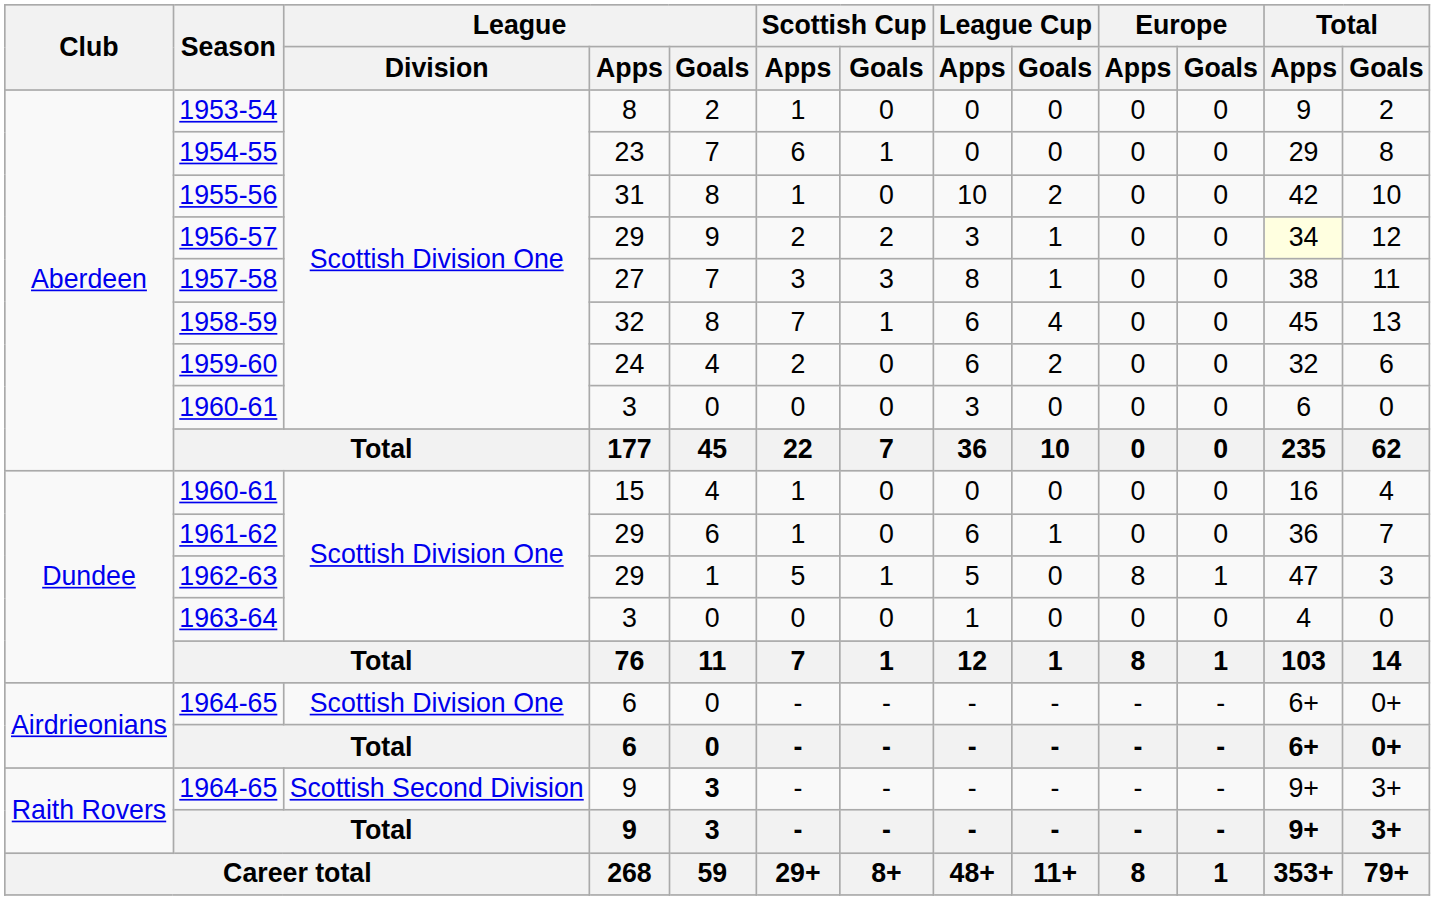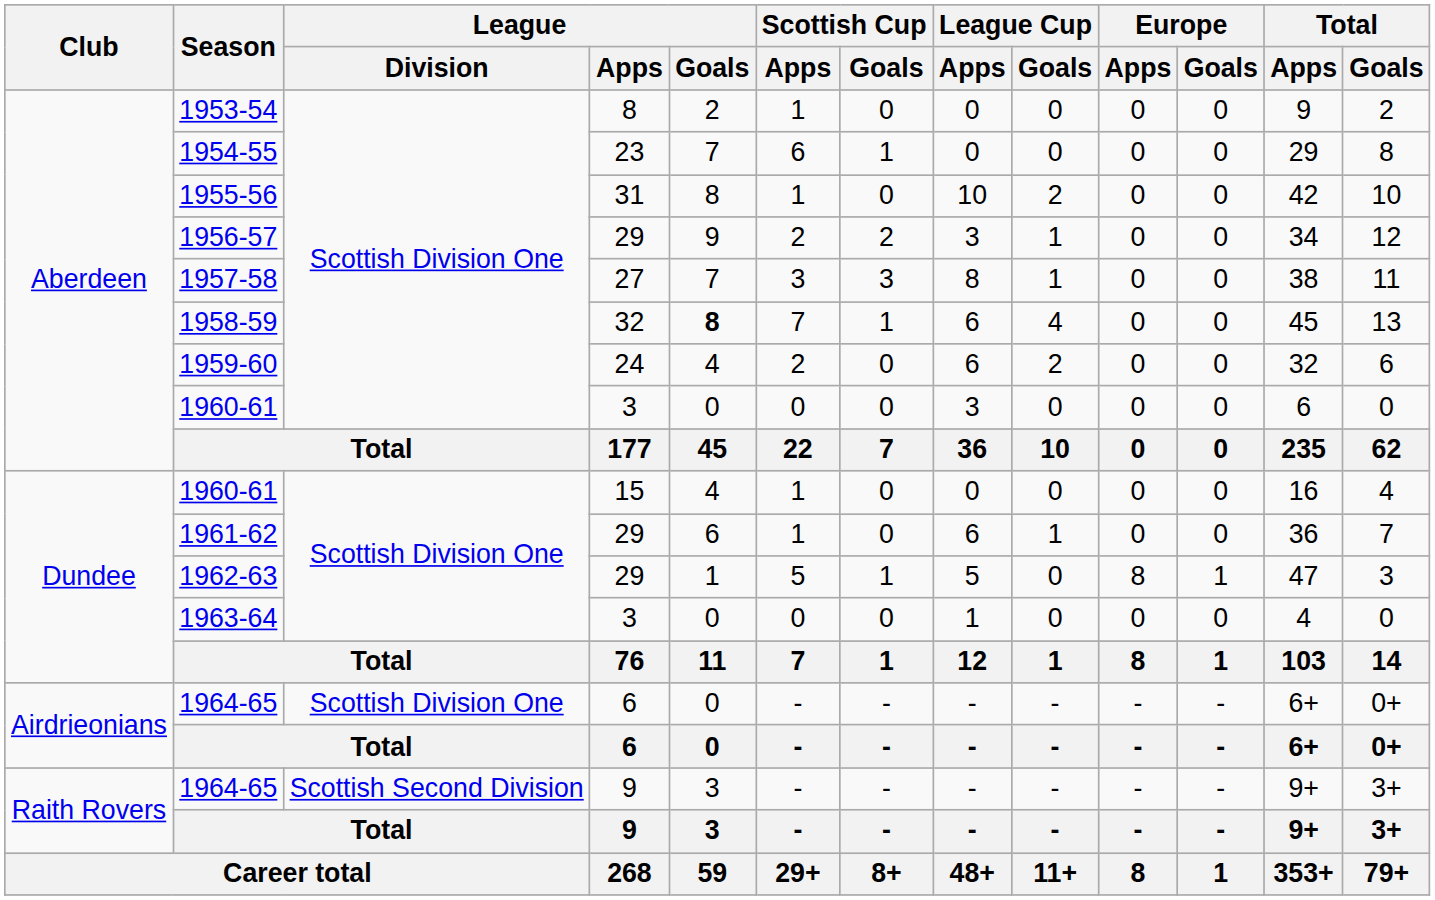 <table class="wikitable" style="text-align:center">
 <tr>
 <th rowspan="2">Club</th>
 <th rowspan="2">Season</th>
 <th colspan="3">League</th>
 <th colspan="2">Scottish Cup</th>
 <th colspan="2">League Cup</th>
 <th colspan="2">Europe</th>
 <th colspan="2">Total</th>
 </tr>
 <tr>
 <th>Division</th>
 <th>Apps</th>
 <th>Goals</th>
 <th>Apps</th>
 <th>Goals</th>
 <th>Apps</th>
 <th>Goals</th>
 <th>Apps</th>
 <th>Goals</th>
 <th>Apps</th>
 <th>Goals</th>
 </tr>
 <tr>
 <td rowspan="9"><a href='#'>Aberdeen</a></td>
 <td><a href='#'>1953-54</a></td>
 <td rowspan="8"><a href='#'>Scottish Division One</a></td>
 <td>8</td>
 <td>2</td>
 <td>1</td>
 <td>0</td>
 <td>0</td>
 <td>0</td>
 <td>0</td>
 <td>0</td>
 <td>9</td>
 <td>2</td>
 </tr>
 <tr>
 <td><a href='#'>1954-55</a></td>
 <td>23</td>
 <td>7</td>
 <td>6</td>
 <td>1</td>
 <td>0</td>
 <td>0</td>
 <td>0</td>
 <td>0</td>
 <td>29</td>
 <td>8</td>
 </tr>
 <tr>
 <td><a href='#'>1955-56</a></td>
 <td>31</td>
 <td>8</td>
 <td>1</td>
 <td>0</td>
 <td>10</td>
 <td>2</td>
 <td>0</td>
 <td>0</td>
 <td>42</td>
 <td>10</td>
 </tr>
 <tr>
 <td><a href='#'>1956-57</a></td>
 <td>29</td>
 <td>9</td>
 <td>2</td>
 <td>2</td>
 <td>3</td>
 <td>1</td>
 <td>0</td>
 <td>0</td>
-<td style="background: lightyellow;">34</td>
+<td>34</td>
 <td>12</td>
 </tr>
 <tr>
 <td><a href='#'>1957-58</a></td>
 <td>27</td>
 <td>7</td>
 <td>3</td>
 <td>3</td>
 <td>8</td>
 <td>1</td>
 <td>0</td>
 <td>0</td>
 <td>38</td>
 <td>11</td>
 </tr>
 <tr>
 <td><a href='#'>1958-59</a></td>
 <td>32</td>
-<td>8</td>
+<td><strong>8</strong></td>
 <td>7</td>
 <td>1</td>
 <td>6</td>
 <td>4</td>
 <td>0</td>
 <td>0</td>
 <td>45</td>
 <td>13</td>
 </tr>
 <tr>
 <td><a href='#'>1959-60</a></td>
 <td>24</td>
 <td>4</td>
 <td>2</td>
 <td>0</td>
 <td>6</td>
 <td>2</td>
 <td>0</td>
 <td>0</td>
 <td>32</td>
 <td>6</td>
 </tr>
 <tr>
 <td><a href='#'>1960-61</a></td>
 <td>3</td>
 <td>0</td>
 <td>0</td>
 <td>0</td>
 <td>3</td>
 <td>0</td>
 <td>0</td>
 <td>0</td>
 <td>6</td>
 <td>0</td>
 </tr>
 <tr>
 <th colspan="2">Total</th>
 <th>177</th>
 <th>45</th>
 <th>22</th>
 <th>7</th>
 <th>36</th>
 <th>10</th>
 <th>0</th>
 <th>0</th>
 <th>235</th>
 <th>62</th>
 </tr>
 <tr>
 <td rowspan="5"><a href='#'>Dundee</a></td>
 <td><a href='#'>1960-61</a></td>
 <td rowspan="4"><a href='#'>Scottish Division One</a></td>
 <td>15</td>
 <td>4</td>
 <td>1</td>
 <td>0</td>
 <td>0</td>
 <td>0</td>
 <td>0</td>
 <td>0</td>
 <td>16</td>
 <td>4</td>
 </tr>
 <tr>
 <td><a href='#'>1961-62</a></td>
 <td>29</td>
 <td>6</td>
 <td>1</td>
 <td>0</td>
 <td>6</td>
 <td>1</td>
 <td>0</td>
 <td>0</td>
 <td>36</td>
 <td>7</td>
 </tr>
 <tr>
 <td><a href='#'>1962-63</a></td>
 <td>29</td>
 <td>1</td>
 <td>5</td>
 <td>1</td>
 <td>5</td>
 <td>0</td>
 <td>8</td>
 <td>1</td>
 <td>47</td>
 <td>3</td>
 </tr>
 <tr>
 <td><a href='#'>1963-64</a></td>
 <td>3</td>
 <td>0</td>
 <td>0</td>
 <td>0</td>
 <td>1</td>
 <td>0</td>
 <td>0</td>
 <td>0</td>
 <td>4</td>
 <td>0</td>
 </tr>
 <tr>
 <th colspan="2">Total</th>
 <th>76</th>
 <th>11</th>
 <th>7</th>
 <th>1</th>
 <th>12</th>
 <th>1</th>
 <th>8</th>
 <th>1</th>
 <th>103</th>
 <th>14</th>
 </tr>
 <tr>
 <td rowspan="2"><a href='#'>Airdrieonians</a></td>
 <td><a href='#'>1964-65</a></td>
 <td><a href='#'>Scottish Division One</a></td>
 <td>6</td>
 <td>0</td>
 <td>-</td>
 <td>-</td>
 <td>-</td>
 <td>-</td>
 <td>-</td>
 <td>-</td>
 <td>6+</td>
 <td>0+</td>
 </tr>
 <tr>
 <th colspan="2">Total</th>
 <th>6</th>
 <th>0</th>
 <th>-</th>
 <th>-</th>
 <th>-</th>
 <th>-</th>
 <th>-</th>
 <th>-</th>
 <th>6+</th>
 <th>0+</th>
 </tr>
 <tr>
 <td rowspan="2"><a href='#'>Raith Rovers</a></td>
 <td><a href='#'>1964-65</a></td>
 <td><a href='#'>Scottish Second Division</a></td>
 <td>9</td>
-<td><strong>3</strong></td>
+<td>3</td>
 <td>-</td>
 <td>-</td>
 <td>-</td>
 <td>-</td>
 <td>-</td>
 <td>-</td>
 <td>9+</td>
 <td>3+</td>
 </tr>
 <tr>
 <th colspan="2">Total</th>
 <th>9</th>
 <th>3</th>
 <th>-</th>
 <th>-</th>
 <th>-</th>
 <th>-</th>
 <th>-</th>
 <th>-</th>
 <th>9+</th>
 <th>3+</th>
 </tr>
 <tr>
 <th colspan="3">Career total</th>
 <th>268</th>
 <th>59</th>
 <th>29+</th>
 <th>8+</th>
 <th>48+</th>
 <th>11+</th>
 <th>8</th>
 <th>1</th>
 <th>353+</th>
 <th>79+</th>
 </tr>
 </table>
